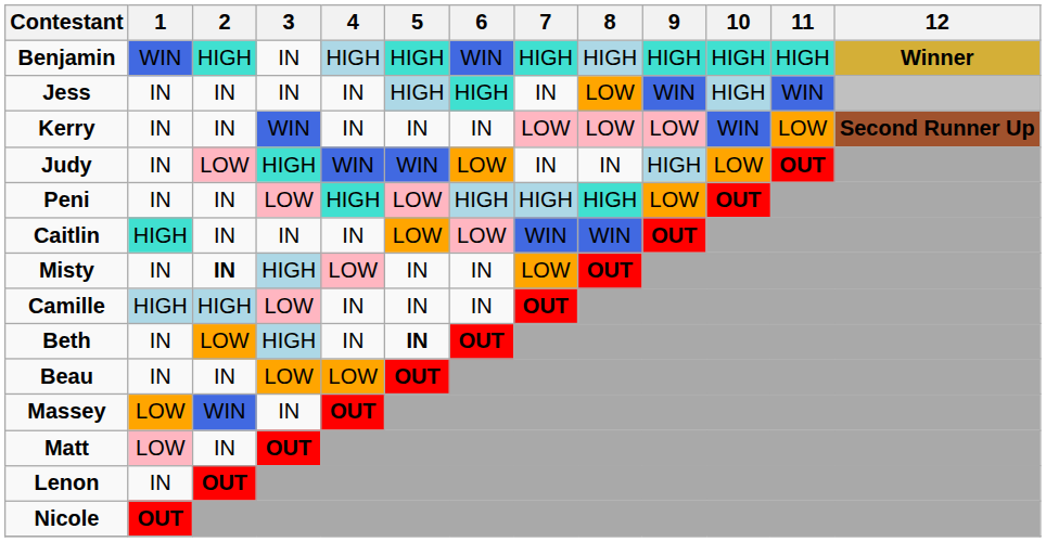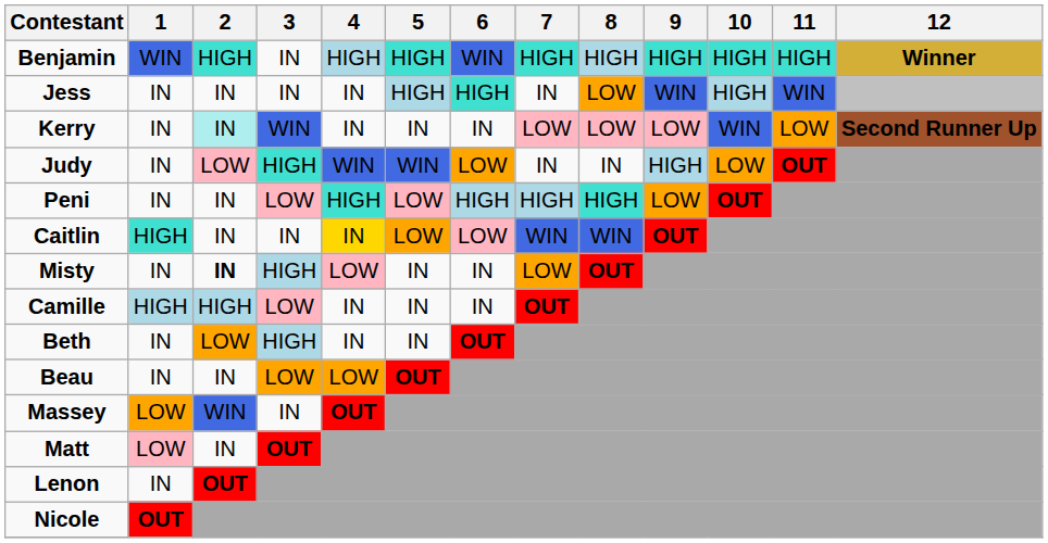 <table class="wikitable" border="2" class="wikitable" style="text-align:center;font-size:96%">
 <tr>
 <th>Contestant</th>
 <th>1</th>
 <th>2</th>
 <th>3</th>
 <th>4</th>
 <th>5</th>
 <th>6</th>
 <th>7</th>
 <th>8</th>
 <th>9</th>
 <th>10</th>
 <th>11</th>
 <th>12</th>
 </tr>
 <tr>
 <td nowrap><strong>Benjamin</strong></td>
 <td style="background:royalblue;">WIN</td>
 <td style="background:turquoise;">HIGH</td>
 <td>IN</td>
 <td style="background:lightblue;">HIGH</td>
 <td style="background:turquoise;">HIGH</td>
 <td style="background:royalblue;">WIN</td>
 <td style="background:turquoise;">HIGH</td>
 <td style="background:lightblue;">HIGH</td>
 <td style="background:turquoise;">HIGH</td>
 <td style="background:turquoise;">HIGH</td>
 <td style="background:turquoise;">HIGH</td>
 <td style="background:#D4AF37;"><strong>Winner</strong></td>
 </tr>
 <tr>
 <td nowrap><strong>Jess</strong></td>
 <td>IN</td>
 <td>IN</td>
 <td>IN</td>
 <td>IN</td>
 <td style="background:lightblue;">HIGH</td>
 <td style="background:turquoise;">HIGH</td>
 <td>IN</td>
 <td style="background:orange;">LOW</td>
 <td style="background:royalblue;">WIN</td>
 <td style="background:lightblue;">HIGH</td>
 <td style="background:royalblue;">WIN</td>
 <td style="background:silver;"></td>
 </tr>
 <tr>
 <td nowrap><strong>Kerry</strong></td>
 <td>IN</td>
-<td>IN</td>
+<td style="background: paleturquoise;">IN</td>
 <td style="background:royalblue;">WIN</td>
 <td>IN</td>
 <td>IN</td>
 <td>IN</td>
 <td style="background:lightpink;">LOW</td>
 <td style="background:lightpink;">LOW</td>
 <td style="background:lightpink;">LOW</td>
 <td style="background:royalblue;">WIN</td>
 <td style="background:orange;">LOW</td>
 <td style="background:sienna;"><strong>Second Runner Up</strong></td>
 </tr>
 <tr>
 <td nowrap><strong>Judy</strong></td>
 <td>IN</td>
 <td style="background:lightpink;">LOW</td>
 <td style="background:turquoise;">HIGH</td>
 <td style="background:royalblue;">WIN</td>
 <td style="background:royalblue;">WIN</td>
 <td style="background:orange;">LOW</td>
 <td>IN</td>
 <td>IN</td>
 <td style="background:lightblue;">HIGH</td>
 <td style="background:orange;">LOW</td>
 <td style="background:red;"><strong>OUT</strong></td>
 <td colspan="2" bgcolor="darkgray"></td>
 </tr>
 <tr>
 <td nowrap><strong>Peni</strong></td>
 <td>IN</td>
 <td>IN</td>
 <td style="background:lightpink;">LOW</td>
 <td style="background:turquoise;">HIGH</td>
 <td style="background:lightpink;">LOW</td>
 <td style="background:lightblue;">HIGH</td>
 <td style="background:lightblue;">HIGH</td>
 <td style="background:turquoise;">HIGH</td>
 <td style="background:orange;">LOW</td>
 <td style="background:red;"><strong>OUT</strong></td>
 <td colspan="3" bgcolor="darkgray"></td>
 </tr>
 <tr>
 <td nowrap><strong>Caitlin</strong></td>
 <td style="background:turquoise;">HIGH</td>
 <td>IN</td>
 <td>IN</td>
-<td>IN</td>
+<td style="background: gold;">IN</td>
 <td style="background:orange;">LOW</td>
 <td style="background:lightpink;">LOW</td>
 <td style="background:royalblue;">WIN</td>
 <td style="background:royalblue;">WIN</td>
 <td style="background:red;"><strong>OUT</strong></td>
 <td colspan="4" bgcolor="darkgray"></td>
 </tr>
 <tr>
 <td nowrap><strong>Misty</strong></td>
 <td>IN</td>
 <td><strong>IN</strong></td>
 <td style="background:lightblue;">HIGH</td>
 <td style="background:lightpink;">LOW</td>
 <td>IN</td>
 <td>IN</td>
 <td style="background:orange;">LOW</td>
 <td style="background:red;"><strong>OUT</strong></td>
 <td colspan="5" bgcolor="darkgray"></td>
 </tr>
 <tr>
 <td nowrap><strong>Camille</strong></td>
 <td style="background:lightblue;">HIGH</td>
 <td style="background:lightblue;">HIGH</td>
 <td style="background:lightpink;">LOW</td>
 <td>IN</td>
 <td>IN</td>
 <td>IN</td>
 <td style="background:red;"><strong>OUT</strong></td>
 <td colspan="6" bgcolor="darkgray"></td>
 </tr>
 <tr>
 <td nowrap><strong>Beth</strong></td>
 <td>IN</td>
 <td style="background:orange;">LOW</td>
 <td style="background:lightblue;">HIGH</td>
 <td>IN</td>
-<td><strong>IN</strong></td>
+<td>IN</td>
 <td style="background:red;"><strong>OUT</strong></td>
 <td colspan="7" bgcolor="darkgray"></td>
 </tr>
 <tr>
 <td nowrap><strong>Beau</strong></td>
 <td>IN</td>
 <td>IN</td>
 <td style="background:orange;">LOW</td>
 <td style="background:orange;">LOW</td>
 <td style="background:red;"><strong>OUT</strong></td>
 <td colspan="8" bgcolor="darkgray"></td>
 </tr>
 <tr>
 <td nowrap><strong>Massey</strong></td>
 <td style="background:orange;">LOW</td>
 <td style="background:royalblue;">WIN</td>
 <td>IN</td>
 <td style="background:red;"><strong>OUT</strong></td>
 <td colspan="9" bgcolor="darkgray"></td>
 </tr>
 <tr>
 <td nowrap><strong>Matt</strong></td>
 <td style="background:lightpink;">LOW</td>
 <td>IN</td>
 <td style="background:red;"><strong>OUT</strong></td>
 <td colspan="10" bgcolor="darkgray"></td>
 </tr>
 <tr>
 <td nowrap><strong>Lenon</strong></td>
 <td>IN</td>
 <td style="background:red;"><strong>OUT</strong></td>
 <td colspan="11" bgcolor="darkgray"></td>
 </tr>
 <tr>
 <td nowrap><strong>Nicole</strong></td>
 <td style="background:red;"><strong>OUT</strong></td>
 <td colspan="12" bgcolor="darkgray"></td>
 </tr>
 <tr>
 </tr>
 </table>
